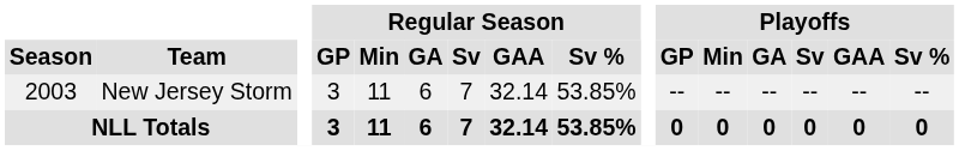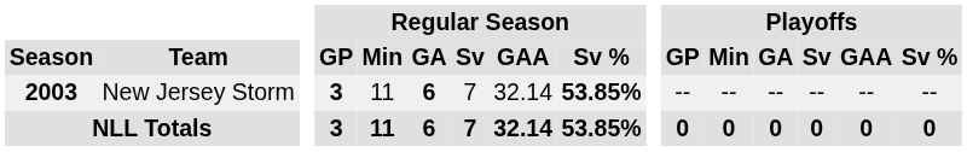 <table BORDER="0" CELLPADDING="3" CELLSPACING="0">
 <tr ALIGN="center" bgcolor="#e0e0e0">
 <th ALIGN="center" colspan="2" bgcolor="#ffffff"> </th>
 <th ALIGN="center" rowspan="99" bgcolor="#ffffff"> </th>
 <th ALIGN="center" colspan="6">Regular Season</th>
 <th ALIGN="center" rowspan="99" bgcolor="#ffffff"> </th>
 <th ALIGN="center" colspan="6">Playoffs</th>
 </tr>
 <tr ALIGN="center" bgcolor="#e0e0e0">
 <th ALIGN="center">Season</th>
 <th ALIGN="center">Team</th>
 <th ALIGN="center">GP</th>
 <th ALIGN="center">Min</th>
 <th ALIGN="center">GA</th>
 <th ALIGN="center">Sv</th>
 <th ALIGN="center">GAA</th>
 <th ALIGN="center">Sv %</th>
 <th ALIGN="center">GP</th>
 <th ALIGN="center">Min</th>
 <th ALIGN="center">GA</th>
 <th ALIGN="center">Sv</th>
 <th ALIGN="center">GAA</th>
 <th ALIGN="center">Sv %</th>
 </tr>
 <tr ALIGN="center" bgcolor="#f0f0f0">
-<td ALIGN="center">2003</td>
+<td ALIGN="center"><strong>2003</strong></td>
 <td ALIGN="center">New Jersey Storm</td>
-<td ALIGN="center">3</td>
+<td ALIGN="center"><strong>3</strong></td>
 <td ALIGN="center">11</td>
-<td ALIGN="center">6</td>
+<td ALIGN="center"><strong>6</strong></td>
 <td ALIGN="center">7</td>
 <td ALIGN="center">32.14</td>
-<td ALIGN="center">53.85%</td>
+<td ALIGN="center"><strong>53.85%</strong></td>
 <td ALIGN="center">--</td>
 <td ALIGN="center">--</td>
 <td ALIGN="center">--</td>
 <td ALIGN="center">--</td>
 <td ALIGN="center">--</td>
 <td ALIGN="center">--</td>
 </tr>
 <tr ALIGN="center" bgcolor="#e0e0e0">
 <th colspan="2">NLL Totals</th>
 <th ALIGN="center">3</th>
 <th ALIGN="center">11</th>
 <th ALIGN="center">6</th>
 <th ALIGN="center">7</th>
 <th ALIGN="center">32.14</th>
 <th ALIGN="center">53.85%</th>
 <th ALIGN="center">0</th>
 <th ALIGN="center">0</th>
 <th ALIGN="center">0</th>
 <th ALIGN="center">0</th>
 <th ALIGN="center">0</th>
 <th ALIGN="center">0</th>
 </tr>
 </table>
